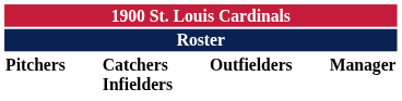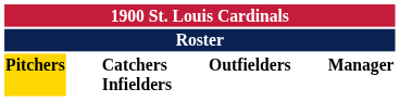 <table class="toccolours" style="font-size: 95%;">
 <tr>
 <th colspan="10" style="background-color: #C41C3A; color: white; text-align: center;">1900 St. Louis Cardinals</th>
 </tr>
 <tr>
 <td colspan="10" style="background-color: #0a2252; color: white; text-align: center;"><strong>Roster</strong></td>
 </tr>
 <tr>
-<td valign="top"><strong>Pitchers</strong><br>       </td>
+<td valign="top" style="background: gold;"><strong>Pitchers</strong><br>       </td>
 <td width="25px"></td>
 <td valign="top"><strong>Catchers</strong><br>     <strong>Infielders</strong>        </td>
 <td width="25px"></td>
 <td valign="top"><strong>Outfielders</strong><br>    </td>
 <td width="25px"></td>
 <td valign="top"><strong>Manager</strong><br> </td>
 </tr>
 </table>
